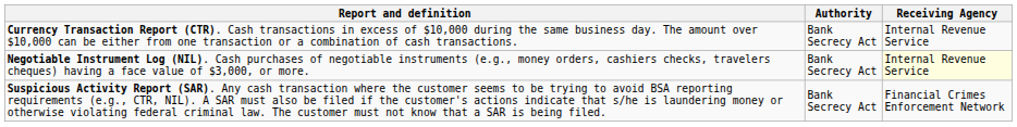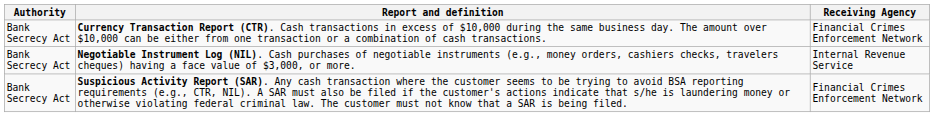 <table class="wikitable">
 <tr>
+<th>Authority</th>
 <th>Report and definition</th>
-<th>Authority</th>
 <th>Receiving Agency</th>
 </tr>
 <tr>
+<td>Bank Secrecy Act</td>
 <td><strong>Currency Transaction Report (CTR)</strong>. Cash transactions in excess of $10,000 during the same business day. The amount over $10,000 can be either from one transaction or a combination of cash transactions.</td>
+<td>Financial Crimes Enforcement Network</td>
+</tr>
+<tr>
 <td>Bank Secrecy Act</td>
+<td><strong>Negotiable Instrument Log (NIL)</strong>. Cash purchases of negotiable instruments (e.g., money orders, cashiers checks, travelers cheques) having a face value of $3,000, or more.</td>
 <td>Internal Revenue Service</td>
 </tr>
 <tr>
-<td><strong>Negotiable Instrument Log (NIL)</strong>. Cash purchases of negotiable instruments (e.g., money orders, cashiers checks, travelers cheques) having a face value of $3,000, or more.</td>
 <td>Bank Secrecy Act</td>
-<td style="background: lightyellow;">Internal Revenue Service</td>
-</tr>
-<tr>
 <td><strong>Suspicious Activity Report (SAR)</strong>. Any cash transaction where the customer seems to be trying to avoid BSA reporting requirements (e.g., CTR, NIL). A SAR must also be filed if the customer's actions indicate that s/he is laundering money or otherwise violating federal criminal law. The customer must not know that a SAR is being filed.</td>
-<td>Bank Secrecy Act</td>
 <td>Financial Crimes Enforcement Network</td>
 </tr>
 </table>
